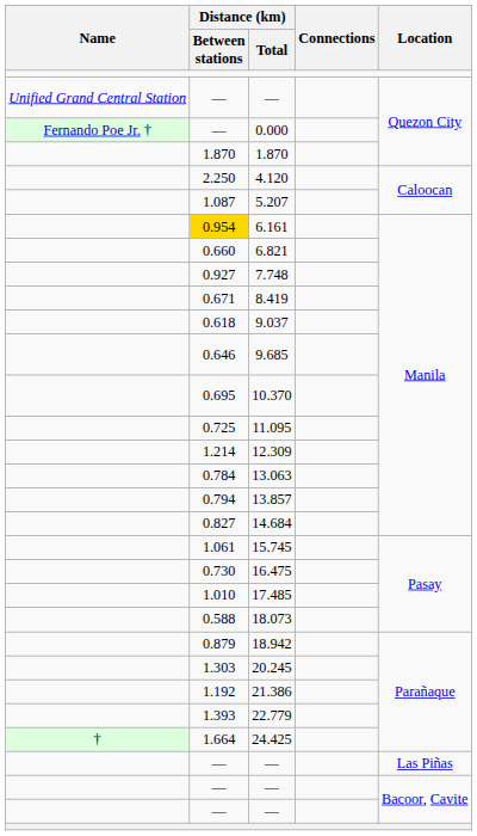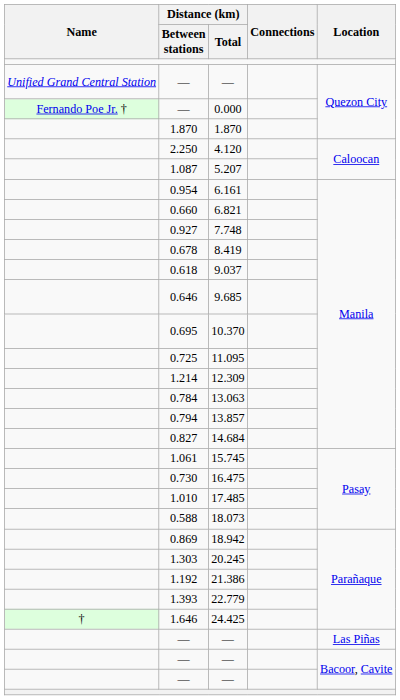 <table class="wikitable collapsible" style="border: none; text-align:center;font-size:95%;">
 <tr>
 <th rowspan="2">Name</th>
 <th colspan="2">Distance (km)</th>
 <th rowspan="2">Connections</th>
 <th rowspan="2">Location</th>
 </tr>
 <tr>
 <th>Between<br>stations</th>
 <th>Total</th>
 </tr>
 <tr style="background:#">
 <td colspan="6"></td>
 </tr>
 <tr>
 <td><em><a href='#'>Unified Grand Central Station</a></em></td>
 <td>— </td>
 <td>—</td>
 <td style="text-align:left"><br><br></td>
 <td rowspan="3"><a href='#'>Quezon City</a></td>
 </tr>
 <tr>
 <td style="background-color:#ddffdd"><a href='#'>Fernando Poe Jr.</a> †</td>
 <td>—</td>
 <td>0.000</td>
 <td style="text-align:left"></td>
 </tr>
 <tr>
 <td></td>
 <td>1.870</td>
 <td>1.870</td>
 <td style="text-align:left"><br></td>
 </tr>
 <tr>
 <td></td>
 <td>2.250</td>
 <td>4.120</td>
 <td style="text-align:left"><br></td>
 <td rowspan="2"><a href='#'>Caloocan</a></td>
 </tr>
 <tr>
 <td></td>
 <td>1.087</td>
 <td>5.207</td>
 <td style="text-align:left"></td>
 </tr>
 <tr>
 <td></td>
-<td style="background: gold;">0.954</td>
+<td>0.954</td>
 <td>6.161</td>
 <td style="text-align:left"></td>
 <td rowspan="12"><a href='#'>Manila</a></td>
 </tr>
 <tr>
 <td></td>
 <td>0.660</td>
 <td>6.821</td>
 <td style="text-align:left"></td>
 </tr>
 <tr>
 <td></td>
 <td>0.927</td>
 <td>7.748</td>
 <td style="text-align:left"><br></td>
 </tr>
 <tr>
 <td></td>
-<td>0.671</td>
+<td>0.678</td>
 <td>8.419</td>
 <td></td>
 </tr>
 <tr>
 <td></td>
 <td>0.618</td>
 <td>9.037</td>
 <td></td>
 </tr>
 <tr>
 <td></td>
 <td>0.646</td>
 <td>9.685</td>
 <td style="text-align:left"><br><br></td>
 </tr>
 <tr>
 <td></td>
 <td>0.695</td>
 <td>10.370</td>
 <td style="text-align:left"><br><br></td>
 </tr>
 <tr>
 <td></td>
 <td>0.725</td>
 <td>11.095</td>
 <td style="text-align:left"><br></td>
 </tr>
 <tr>
 <td></td>
 <td>1.214</td>
 <td>12.309</td>
 <td style="text-align:left"></td>
 </tr>
 <tr>
 <td></td>
 <td>0.784</td>
 <td>13.063</td>
 <td style="text-align:left"></td>
 </tr>
 <tr>
 <td></td>
 <td>0.794</td>
 <td>13.857</td>
 <td style="text-align:left"></td>
 </tr>
 <tr>
 <td></td>
 <td>0.827</td>
 <td>14.684</td>
 <td style="text-align:left"></td>
 </tr>
 <tr>
 <td></td>
 <td>1.061</td>
 <td>15.745</td>
 <td style="text-align:left"></td>
 <td rowspan="4"><a href='#'>Pasay</a></td>
 </tr>
 <tr>
 <td></td>
 <td>0.730</td>
 <td>16.475</td>
 <td></td>
 </tr>
 <tr>
 <td></td>
 <td>1.010</td>
 <td>17.485</td>
 <td style="text-align:left"><br></td>
 </tr>
 <tr>
 <td></td>
 <td>0.588</td>
 <td>18.073</td>
 </tr>
 <tr>
 <td></td>
-<td>0.879</td>
+<td>0.869</td>
 <td>18.942</td>
 <td style="text-align:left"></td>
 <td rowspan="5"><a href='#'>Parañaque</a></td>
 </tr>
 <tr>
 <td></td>
 <td>1.303</td>
 <td>20.245</td>
 <td style="text-align:left"></td>
 </tr>
 <tr>
 <td></td>
 <td>1.192</td>
 <td>21.386</td>
 <td style="text-align:left"><br></td>
 </tr>
 <tr>
 <td></td>
 <td>1.393</td>
 <td>22.779</td>
 <td></td>
 </tr>
 <tr>
 <td style="background-color:#ddffdd"> †</td>
-<td>1.664</td>
+<td>1.646</td>
 <td>24.425</td>
 <td></td>
 </tr>
 <tr>
 <td><em></em></td>
 <td>—</td>
 <td>—</td>
 <td></td>
 <td rowspan="1"><a href='#'>Las Piñas</a></td>
 </tr>
 <tr>
 <td><em></em></td>
 <td>—</td>
 <td>—</td>
 <td style="text-align:left"></td>
 <td rowspan="2"><a href='#'>Bacoor</a>, <a href='#'>Cavite</a></td>
 </tr>
 <tr>
 <td><em></em></td>
 <td>—</td>
 <td>—</td>
 <td style="text-align:left"><br></td>
 </tr>
 <tr>
 <th colspan="5"></th>
 </tr>
 </table>
